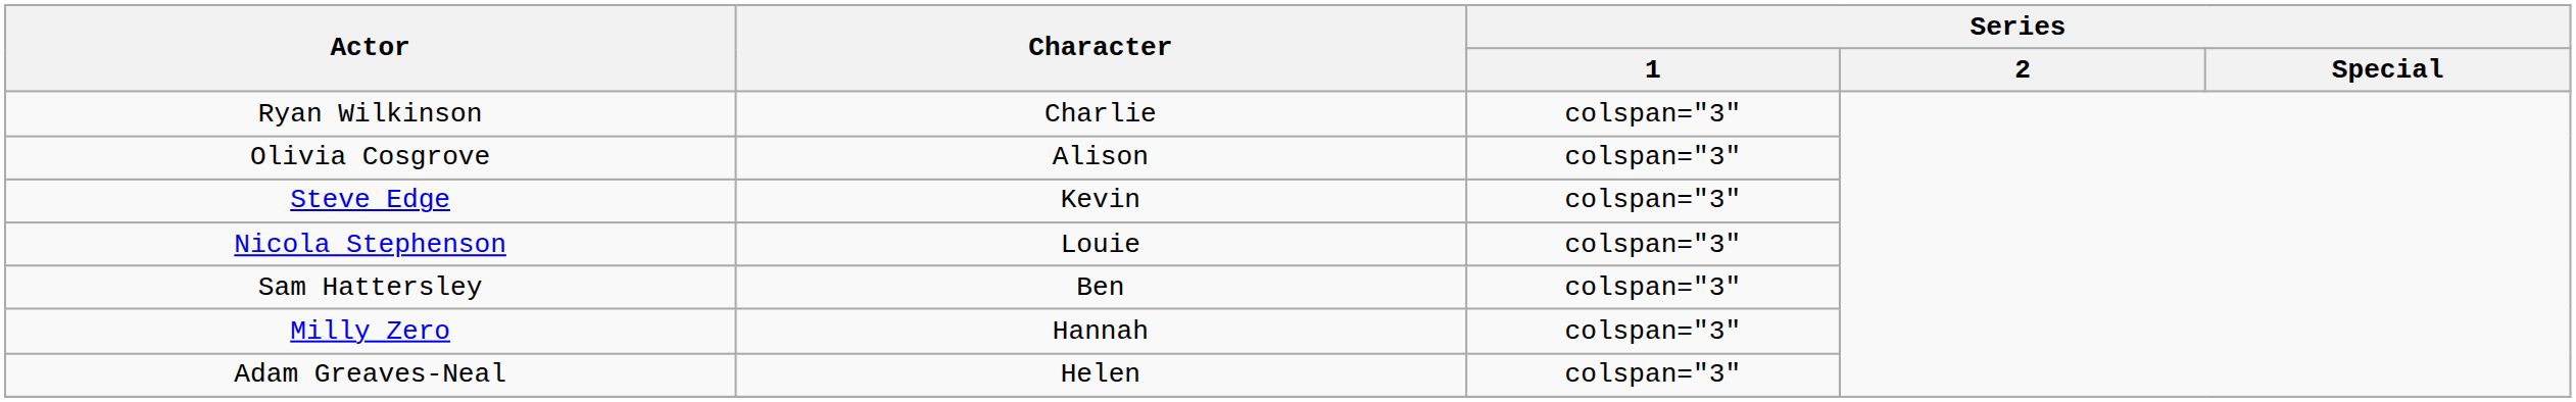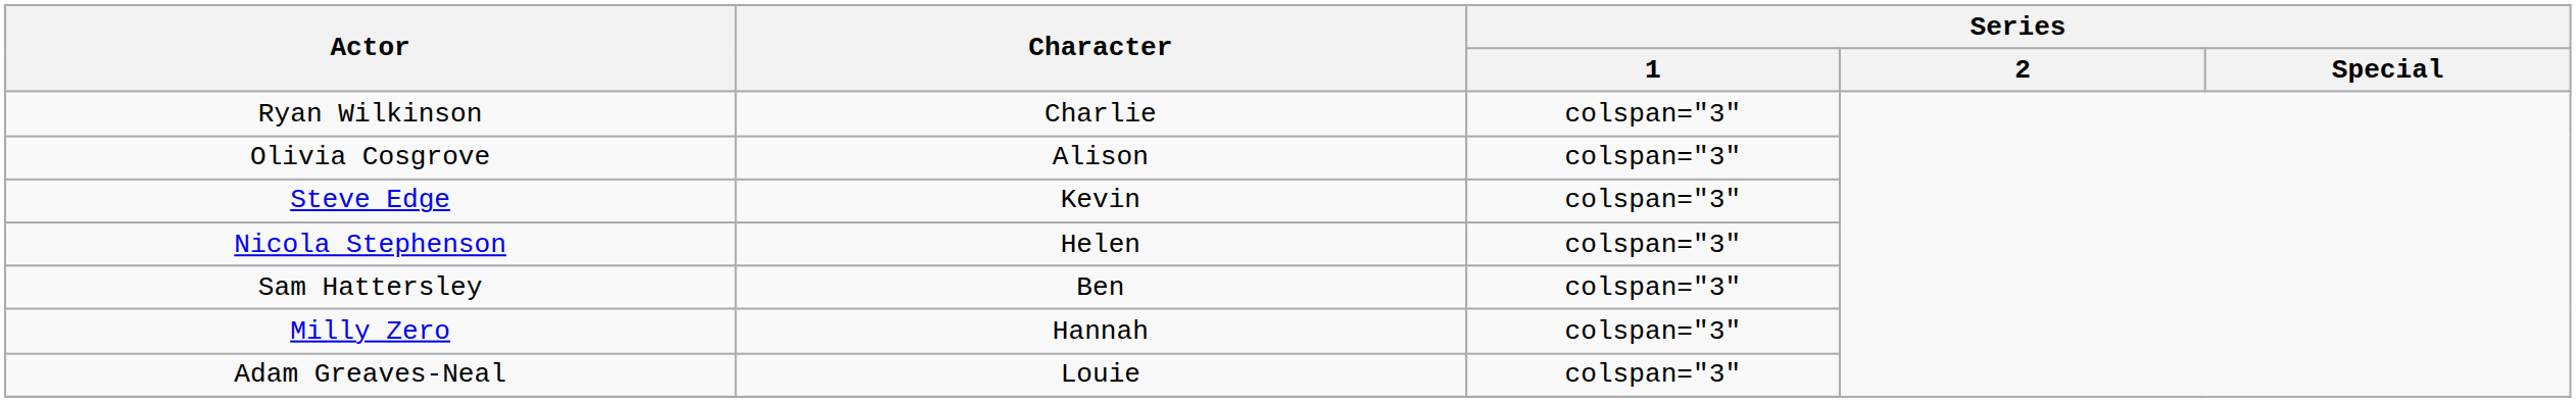 <table class="wikitable plainrowheaders" style="text-align:center">
 <tr>
 <th rowspan="2" width="14%" scope="col">Actor</th>
 <th rowspan="2" width="14%" scope="col">Character</th>
 <th colspan="3">Series</th>
 </tr>
 <tr>
 <th width="7%" scope="col">1</th>
 <th width="7%" scope="col">2</th>
 <th width="7%" scope="col">Special</th>
 </tr>
 <tr>
 <td>Ryan Wilkinson</td>
 <td>Charlie</td>
 <td>colspan="3" </td>
 </tr>
 <tr>
 <td>Olivia Cosgrove</td>
 <td>Alison</td>
 <td>colspan="3" </td>
 </tr>
 <tr>
 <td><a href='#'>Steve Edge</a></td>
 <td>Kevin</td>
 <td>colspan="3" </td>
 </tr>
 <tr>
 <td><a href='#'>Nicola Stephenson</a></td>
-<td>Louie</td>
+<td>Helen</td>
 <td>colspan="3" </td>
 </tr>
 <tr>
 <td>Sam Hattersley</td>
 <td>Ben</td>
 <td>colspan="3" </td>
 </tr>
 <tr>
 <td><a href='#'>Milly Zero</a></td>
 <td>Hannah</td>
 <td>colspan="3" </td>
 </tr>
 <tr>
 <td>Adam Greaves-Neal</td>
-<td>Helen</td>
+<td>Louie</td>
 <td>colspan="3" </td>
 </tr>
 <tr>
 </tr>
 </table>
